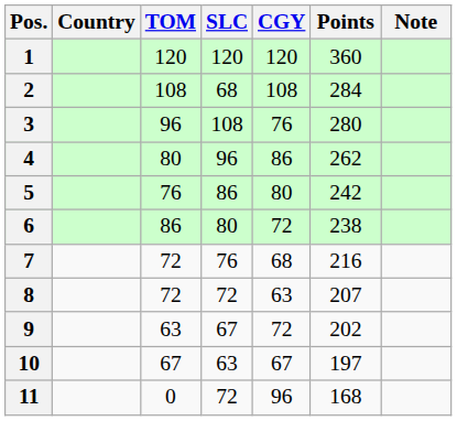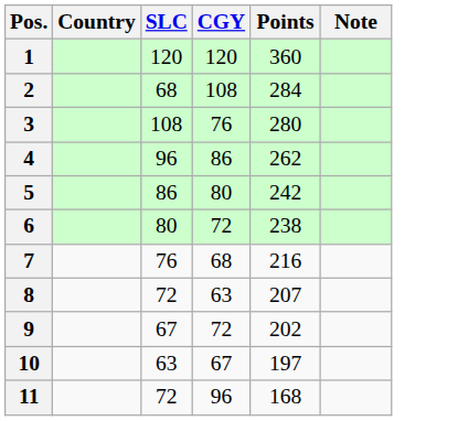 <table class="wikitable sortable plainrowheaders" style="text-align:center;">
 <tr>
 <th scope="col">Pos.</th>
 <th scope="col">Country</th>
-<th scope="col"> <a href='#'>TOM</a></th>
 <th scope="col"> <a href='#'>SLC</a></th>
 <th scope="col"> <a href='#'>CGY</a></th>
 <th style="width:45px;">Points</th>
 <th style="width:45px;">Note</th>
 </tr>
 <tr bgcolor=#ccffcc>
 <th style="text - align:center; ">1</th>
 <td align="left"></td>
 <td>120</td>
 <td>120</td>
-<td>120</td>
 <td>360</td>
 <td></td>
 </tr>
 <tr bgcolor=#ccffcc>
 <th style="text - align:center; ">2</th>
 <td align="left"></td>
-<td>108</td>
 <td>68</td>
 <td>108</td>
 <td>284</td>
 <td></td>
 </tr>
 <tr bgcolor=#ccffcc>
 <th style="text - align:center; ">3</th>
 <td align="left"></td>
-<td>96</td>
 <td>108</td>
 <td>76</td>
 <td>280</td>
 <td></td>
 </tr>
 <tr bgcolor=#ccffcc>
 <th style="text - align:center; ">4</th>
 <td align="left"></td>
-<td>80</td>
 <td>96</td>
 <td>86</td>
 <td>262</td>
 <td></td>
 </tr>
 <tr bgcolor=#ccffcc>
 <th style="text - align:center; ">5</th>
 <td align="left"></td>
-<td>76</td>
 <td>86</td>
 <td>80</td>
 <td>242</td>
 <td></td>
 </tr>
 <tr bgcolor=#ccffcc>
 <th style="text - align:center; ">6</th>
 <td align="left"></td>
-<td>86</td>
 <td>80</td>
 <td>72</td>
 <td>238</td>
 <td></td>
 </tr>
 <tr>
 <th style="text - align:center; ">7</th>
 <td align="left"></td>
-<td>72</td>
 <td>76</td>
 <td>68</td>
 <td>216</td>
 <td></td>
 </tr>
 <tr>
 <th style="text - align:center; ">8</th>
 <td align="left"></td>
 <td>72</td>
-<td>72</td>
 <td>63</td>
 <td>207</td>
 <td></td>
 </tr>
 <tr>
 <th style="text - align:center; ">9</th>
 <td align="left"></td>
-<td>63</td>
 <td>67</td>
 <td>72</td>
 <td>202</td>
 <td></td>
 </tr>
 <tr>
 <th style="text - align:center; ">10</th>
 <td align="left"></td>
-<td>67</td>
 <td>63</td>
 <td>67</td>
 <td>197</td>
 <td></td>
 </tr>
 <tr>
 <th style="text - align:center; ">11</th>
 <td align="left"></td>
-<td>0</td>
 <td>72</td>
 <td>96</td>
 <td>168</td>
 <td></td>
 </tr>
 </table>
